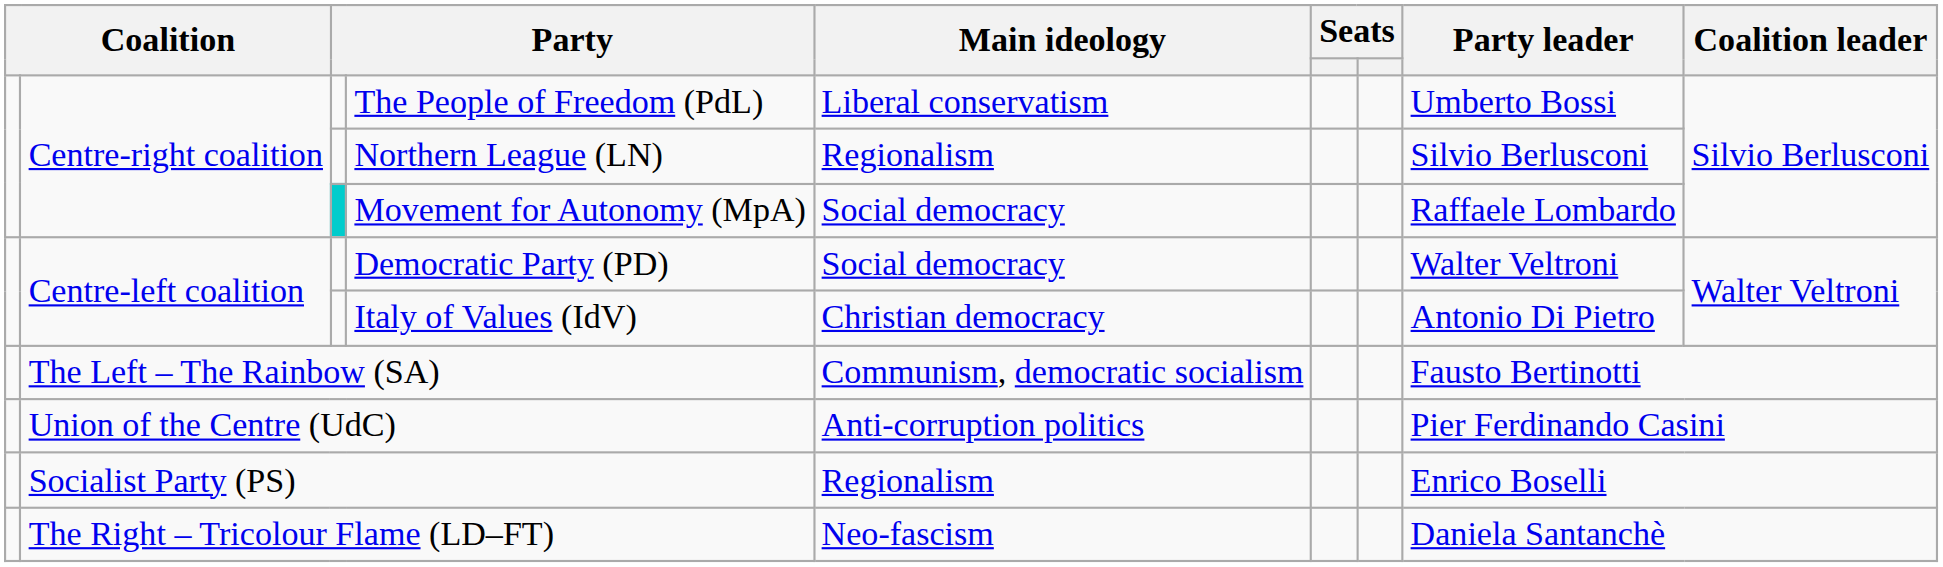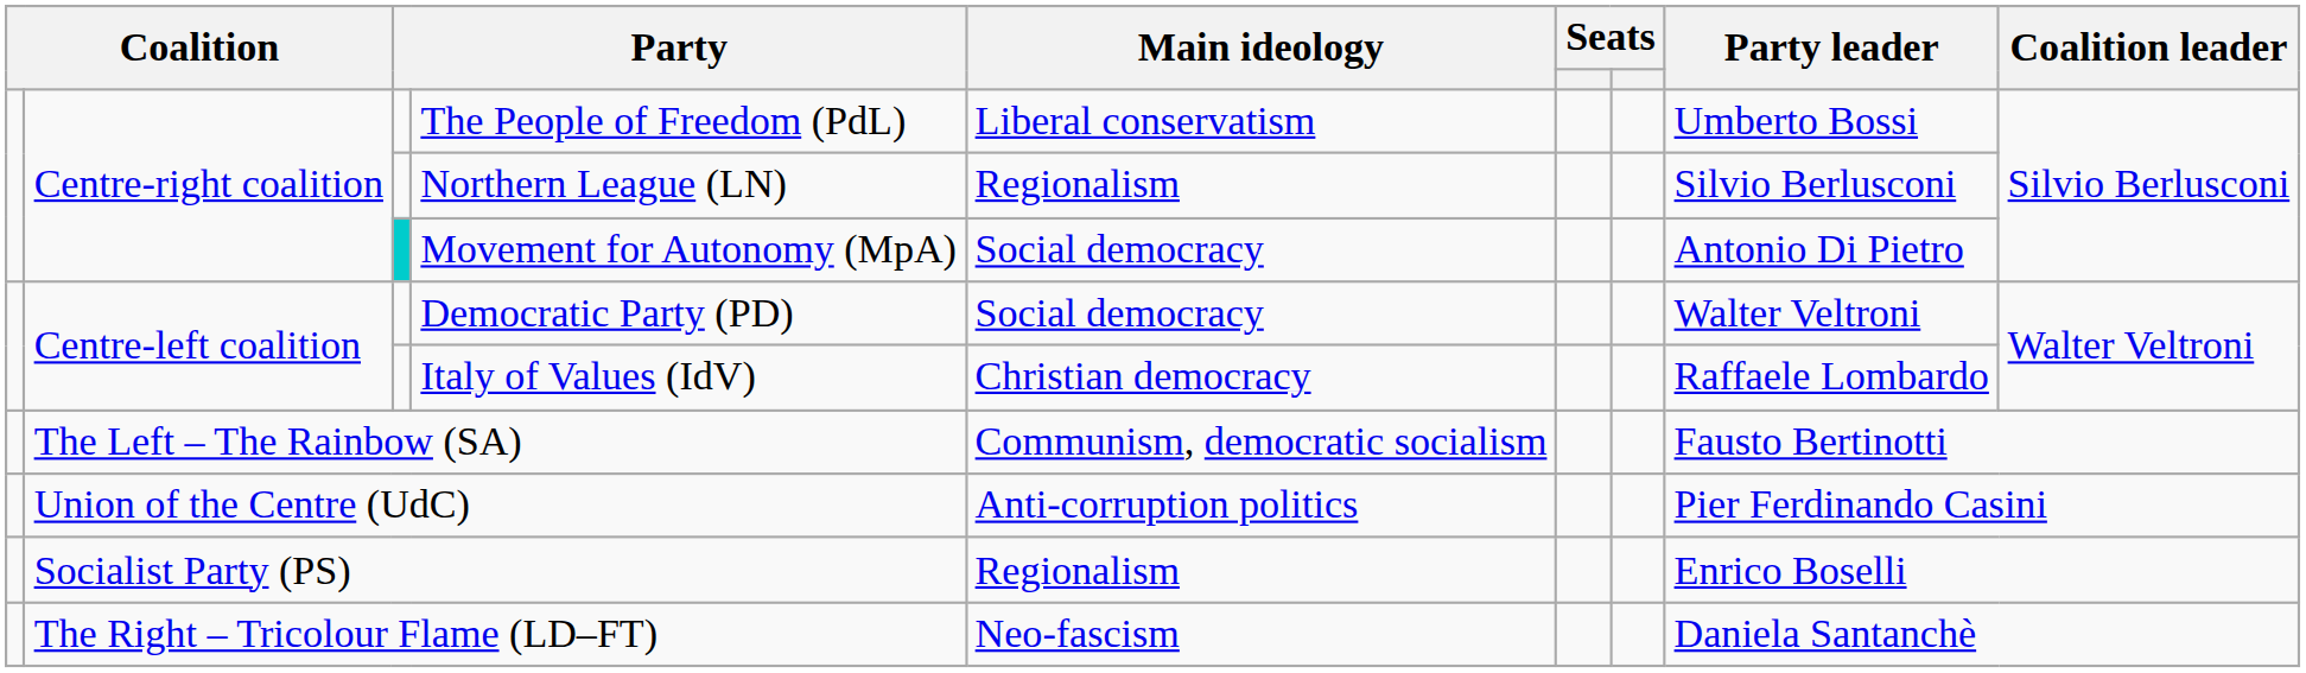 <table class=wikitable style="text-align:left">
 <tr>
 <th colspan="2" rowspan="2">Coalition</th>
 <th colspan="2" rowspan="2">Party</th>
 <th rowspan="2">Main ideology</th>
 <th colspan="2">Seats</th>
 <th rowspan="2">Party leader</th>
 <th rowspan="2">Coalition leader</th>
 </tr>
 <tr>
 <th></th>
 <th></th>
 </tr>
 <tr>
 <td rowspan="3"></td>
 <td rowspan="3"><a href='#'>Centre-right coalition</a></td>
 <td></td>
 <td><a href='#'>The People of Freedom</a> (PdL)</td>
 <td><a href='#'>Liberal conservatism</a></td>
 <td></td>
 <td></td>
 <td><a href='#'>Umberto Bossi</a></td>
 <td rowspan="3"><a href='#'>Silvio Berlusconi</a></td>
 </tr>
 <tr>
 <td></td>
 <td><a href='#'>Northern League</a> (LN)</td>
 <td><a href='#'>Regionalism</a></td>
 <td></td>
 <td></td>
 <td><a href='#'>Silvio Berlusconi</a></td>
 </tr>
 <tr>
 <td bgcolor="#00CCCC"></td>
 <td><a href='#'>Movement for Autonomy</a> (MpA)</td>
 <td><a href='#'>Social democracy</a></td>
 <td></td>
 <td></td>
-<td><a href='#'>Raffaele Lombardo</a></td>
+<td><a href='#'>Antonio Di Pietro</a></td>
 </tr>
 <tr>
 <td rowspan="2"></td>
 <td rowspan="2"><a href='#'>Centre-left coalition</a></td>
 <td></td>
 <td><a href='#'>Democratic Party</a> (PD)</td>
 <td><a href='#'>Social democracy</a></td>
 <td></td>
 <td></td>
 <td><a href='#'>Walter Veltroni</a></td>
 <td rowspan="2"><a href='#'>Walter Veltroni</a></td>
 </tr>
 <tr>
 <td></td>
 <td><a href='#'>Italy of Values</a> (IdV)</td>
 <td><a href='#'>Christian democracy</a></td>
 <td></td>
 <td></td>
-<td><a href='#'>Antonio Di Pietro</a></td>
+<td><a href='#'>Raffaele Lombardo</a></td>
 </tr>
 <tr>
 <td></td>
 <td colspan="3"><a href='#'>The Left – The Rainbow</a> (SA)</td>
 <td><a href='#'>Communism</a>, <a href='#'>democratic socialism</a></td>
 <td></td>
 <td></td>
 <td colspan="2"><a href='#'>Fausto Bertinotti</a></td>
 </tr>
 <tr>
 <td></td>
 <td colspan="3"><a href='#'>Union of the Centre</a> (UdC)</td>
 <td><a href='#'>Anti-corruption politics</a></td>
 <td></td>
 <td></td>
 <td colspan="2"><a href='#'>Pier Ferdinando Casini</a></td>
 </tr>
 <tr>
 <td></td>
 <td colspan="3"><a href='#'>Socialist Party</a> (PS)</td>
 <td><a href='#'>Regionalism</a></td>
 <td></td>
 <td></td>
 <td colspan="2"><a href='#'>Enrico Boselli</a></td>
 </tr>
 <tr>
 <td></td>
 <td colspan="3"><a href='#'>The Right – Tricolour Flame</a> (LD–FT)</td>
 <td><a href='#'>Neo-fascism</a></td>
 <td></td>
 <td></td>
 <td colspan="2"><a href='#'>Daniela Santanchè</a></td>
 </tr>
 </table>
